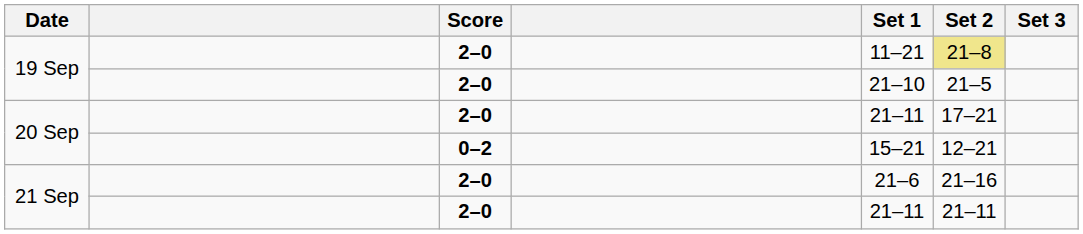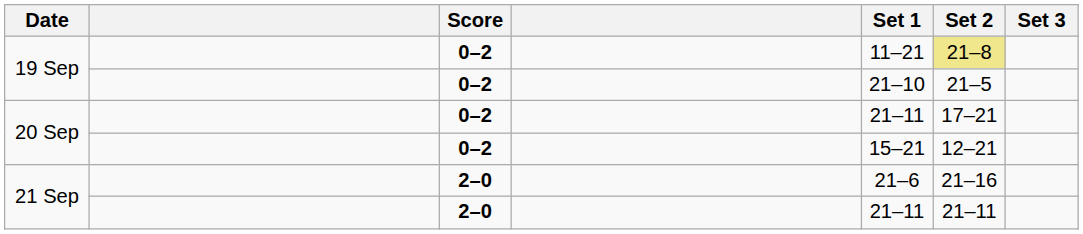 <table class="wikitable" style="text-align: center;">
 <tr>
 <th width="60">Date</th>
 <th align="right" width="270"></th>
 <th width="50">Score</th>
 <th align="left" width="270"></th>
 <th width="50">Set 1</th>
 <th width="50">Set 2</th>
 <th width="50">Set 3</th>
 </tr>
 <tr>
 <td rowspan=2>19 Sep</td>
 <td align=left><strong></strong></td>
-<td align=center><strong>2–0</strong></td>
+<td align=center><strong>0–2</strong></td>
 <td align=left></td>
 <td>11–21</td>
 <td style="background: khaki;">21–8</td>
 <td></td>
 </tr>
 <tr>
 <td align=left><strong></strong></td>
-<td align=center><strong>2–0</strong></td>
+<td align=center><strong>0–2</strong></td>
 <td align=left></td>
 <td>21–10</td>
 <td>21–5</td>
 <td></td>
 </tr>
 <tr>
 <td rowspan=2>20 Sep</td>
 <td align=left></td>
-<td align=center><strong>2–0</strong></td>
+<td align=center><strong>0–2</strong></td>
 <td align=left><strong></strong></td>
 <td>21–11</td>
 <td>17–21</td>
 <td></td>
 </tr>
 <tr>
 <td align=left></td>
 <td align=center><strong>0–2</strong></td>
 <td align=left><strong></strong></td>
 <td>15–21</td>
 <td>12–21</td>
 <td></td>
 </tr>
 <tr>
 <td rowspan=2>21 Sep</td>
 <td align=left><strong></strong></td>
 <td align=center><strong>2–0</strong></td>
 <td align=left></td>
 <td>21–6</td>
 <td>21–16</td>
 <td></td>
 </tr>
 <tr>
 <td align=left><strong></strong></td>
 <td align=center><strong>2–0</strong></td>
 <td align=left></td>
 <td>21–11</td>
 <td>21–11</td>
 <td></td>
 </tr>
 </table>
